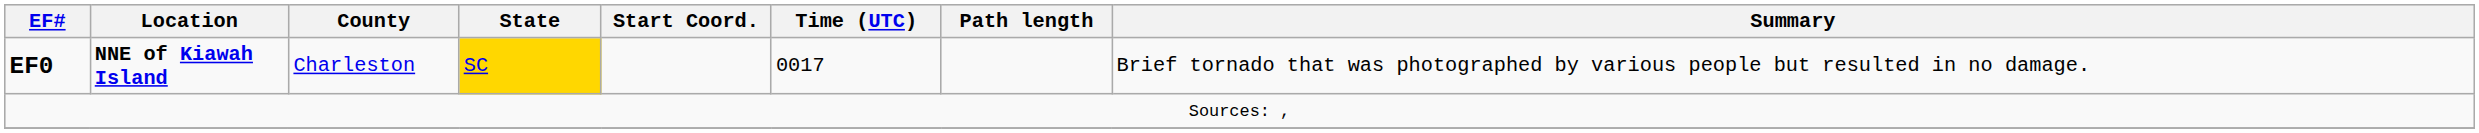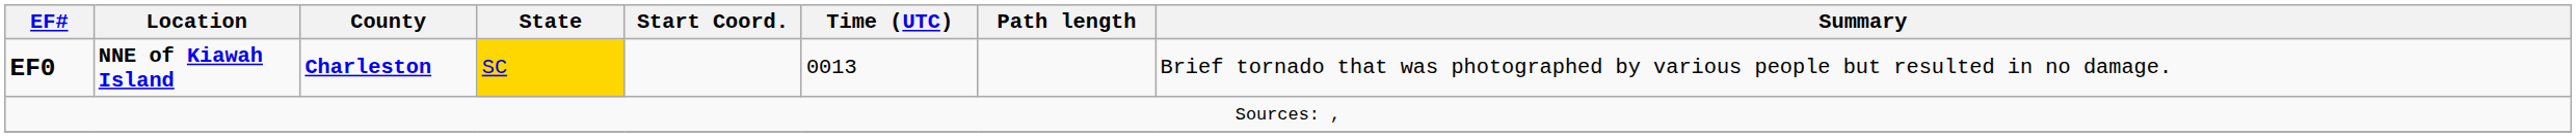 <table class="wikitable collapsible" width="100%">
 <tr>
 <th scope="col"  style="width:3%; text-align:center;"><a href='#'>EF#</a></th>
 <th scope="col"  style="width:7%; text-align:center;" class="unsortable">Location</th>
 <th scope="col"  style="width:6%; text-align:center;" class="unsortable">County</th>
 <th scope="col"  style="width:5%; text-align:center;">State</th>
 <th scope="col"  style="width:6%; text-align:center;">Start Coord.</th>
 <th scope="col"  style="width:6%; text-align:center;">Time (<a href='#'>UTC</a>)</th>
 <th scope="col"  style="width:6%; text-align:center;">Path length</th>
 <th scope="col" class="unsortable" style="width:48%; text-align:center;">Summary</th>
 </tr>
 <tr>
 <td><big><strong>EF0</strong></big></td>
 <td><strong>NNE of <a href='#'>Kiawah Island</a></strong></td>
-<td><a href='#'>Charleston</a></td>
+<td><strong><a href='#'>Charleston</a></strong></td>
 <td style="background: gold;"><a href='#'>SC</a></td>
 <td></td>
-<td>0017</td>
+<td>0013</td>
 <td></td>
 <td>Brief tornado that was photographed by various people but resulted in no damage.</td>
 </tr>
 <tr>
 <td colspan="8" align=center><small>Sources: , </small></td>
 </tr>
 <tr>
 </tr>
 </table>
